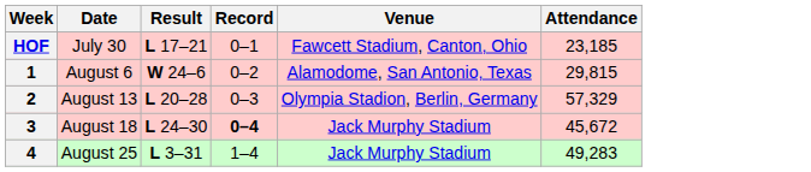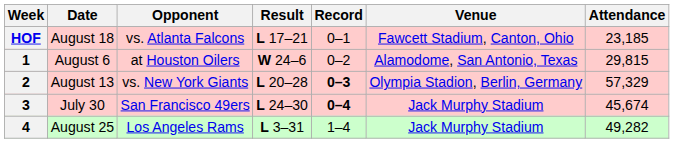 <table class="wikitable" style="text-align:center">
 <tr>
 <th>Week</th>
 <th>Date</th>
+<th>Opponent</th>
 <th>Result</th>
 <th>Record</th>
 <th>Venue</th>
 <th>Attendance</th>
 </tr>
 <tr style="background: #fcc;">
 <th scope="row"><a href='#'>HOF</a></th>
-<td>July 30</td>
+<td>August 18</td>
+<td>vs. <a href='#'>Atlanta Falcons</a></td>
 <td><strong>L</strong> 17–21</td>
 <td>0–1</td>
 <td><a href='#'>Fawcett Stadium</a>, <a href='#'>Canton, Ohio</a></td>
 <td>23,185</td>
 </tr>
 <tr style="background: #fcc;">
 <th scope="row">1</th>
 <td>August 6</td>
+<td>at <a href='#'>Houston Oilers</a></td>
 <td><strong>W</strong> 24–6</td>
 <td>0–2</td>
 <td><a href='#'>Alamodome</a>, <a href='#'>San Antonio, Texas</a></td>
 <td>29,815</td>
 </tr>
 <tr style="background: #fcc;">
 <th scope="row">2</th>
 <td>August 13</td>
+<td>vs. <a href='#'>New York Giants</a></td>
 <td><strong>L</strong> 20–28</td>
-<td>0–3</td>
+<td><strong>0–3</strong></td>
 <td><a href='#'>Olympia Stadion</a>, <a href='#'>Berlin, Germany</a></td>
 <td>57,329</td>
 </tr>
 <tr style="background: #fcc;">
 <th scope="row">3</th>
-<td>August 18</td>
+<td>July 30</td>
+<td><a href='#'>San Francisco 49ers</a></td>
 <td><strong>L</strong> 24–30</td>
 <td><strong>0–4</strong></td>
 <td><a href='#'>Jack Murphy Stadium</a></td>
-<td>45,672</td>
+<td>45,674</td>
 </tr>
 <tr style="background: #cfc;">
 <th scope="row">4</th>
 <td>August 25</td>
+<td><a href='#'>Los Angeles Rams</a></td>
 <td><strong>L</strong> 3–31</td>
 <td>1–4</td>
 <td><a href='#'>Jack Murphy Stadium</a></td>
-<td>49,283</td>
+<td>49,282</td>
 </tr>
 </table>
